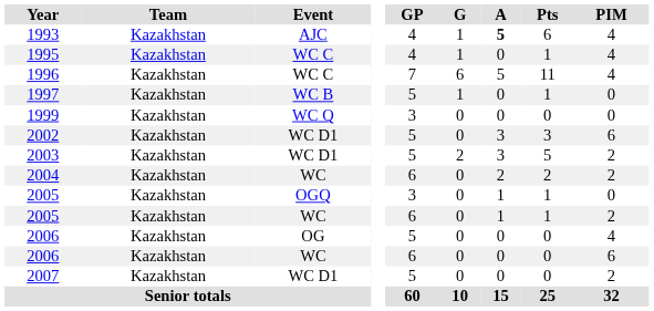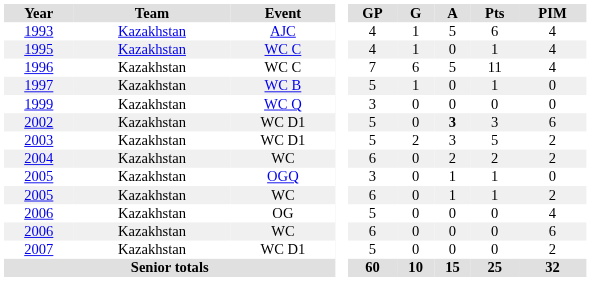 <table border="0" cellpadding="1" cellspacing="0" style="text-align:center; width:40em">
 <tr ALIGN="center" bgcolor="#e0e0e0">
 <th>Year</th>
 <th>Team</th>
 <th>Event</th>
 <th ALIGN="center" rowspan="99" bgcolor="#ffffff"> </th>
 <th>GP</th>
 <th>G</th>
 <th>A</th>
 <th>Pts</th>
 <th>PIM</th>
 </tr>
 <tr>
 <td><a href='#'>1993</a></td>
 <td><a href='#'>Kazakhstan</a></td>
 <td><a href='#'>AJC</a></td>
 <td>4</td>
 <td>1</td>
-<td><strong>5</strong></td>
+<td>5</td>
 <td>6</td>
 <td>4</td>
 </tr>
 <tr bgcolor="#f0f0f0">
 <td><a href='#'>1995</a></td>
 <td><a href='#'>Kazakhstan</a></td>
 <td><a href='#'>WC C</a></td>
 <td>4</td>
 <td>1</td>
 <td>0</td>
 <td>1</td>
 <td>4</td>
 </tr>
 <tr>
 <td><a href='#'>1996</a></td>
 <td>Kazakhstan</td>
 <td>WC C</td>
 <td>7</td>
 <td>6</td>
 <td>5</td>
 <td>11</td>
 <td>4</td>
 </tr>
 <tr bgcolor="#f0f0f0">
 <td><a href='#'>1997</a></td>
 <td>Kazakhstan</td>
 <td><a href='#'>WC B</a></td>
 <td>5</td>
 <td>1</td>
 <td>0</td>
 <td>1</td>
 <td>0</td>
 </tr>
 <tr>
 <td><a href='#'>1999</a></td>
 <td>Kazakhstan</td>
 <td><a href='#'>WC Q</a></td>
 <td>3</td>
 <td>0</td>
 <td>0</td>
 <td>0</td>
 <td>0</td>
 </tr>
 <tr bgcolor="#f0f0f0">
 <td><a href='#'>2002</a></td>
 <td>Kazakhstan</td>
 <td>WC D1</td>
 <td>5</td>
 <td>0</td>
-<td>3</td>
+<td><strong>3</strong></td>
 <td>3</td>
 <td>6</td>
 </tr>
 <tr>
 <td><a href='#'>2003</a></td>
 <td>Kazakhstan</td>
 <td>WC D1</td>
 <td>5</td>
 <td>2</td>
 <td>3</td>
 <td>5</td>
 <td>2</td>
 </tr>
 <tr bgcolor="#f0f0f0">
 <td><a href='#'>2004</a></td>
 <td>Kazakhstan</td>
 <td>WC</td>
 <td>6</td>
 <td>0</td>
 <td>2</td>
 <td>2</td>
 <td>2</td>
 </tr>
 <tr>
 <td><a href='#'>2005</a></td>
 <td>Kazakhstan</td>
 <td><a href='#'>OGQ</a></td>
 <td>3</td>
 <td>0</td>
 <td>1</td>
 <td>1</td>
 <td>0</td>
 </tr>
 <tr bgcolor="#f0f0f0">
 <td><a href='#'>2005</a></td>
 <td>Kazakhstan</td>
 <td>WC</td>
 <td>6</td>
 <td>0</td>
 <td>1</td>
 <td>1</td>
 <td>2</td>
 </tr>
 <tr>
 <td><a href='#'>2006</a></td>
 <td>Kazakhstan</td>
 <td>OG</td>
 <td>5</td>
 <td>0</td>
 <td>0</td>
 <td>0</td>
 <td>4</td>
 </tr>
 <tr bgcolor="#f0f0f0">
 <td><a href='#'>2006</a></td>
 <td>Kazakhstan</td>
 <td>WC</td>
 <td>6</td>
 <td>0</td>
 <td>0</td>
 <td>0</td>
 <td>6</td>
 </tr>
 <tr>
 <td><a href='#'>2007</a></td>
 <td>Kazakhstan</td>
 <td>WC D1</td>
 <td>5</td>
 <td>0</td>
 <td>0</td>
 <td>0</td>
 <td>2</td>
 </tr>
 <tr bgcolor="#e0e0e0">
 <th colspan="3">Senior totals</th>
 <th>60</th>
 <th>10</th>
 <th>15</th>
 <th>25</th>
 <th>32</th>
 </tr>
 </table>
